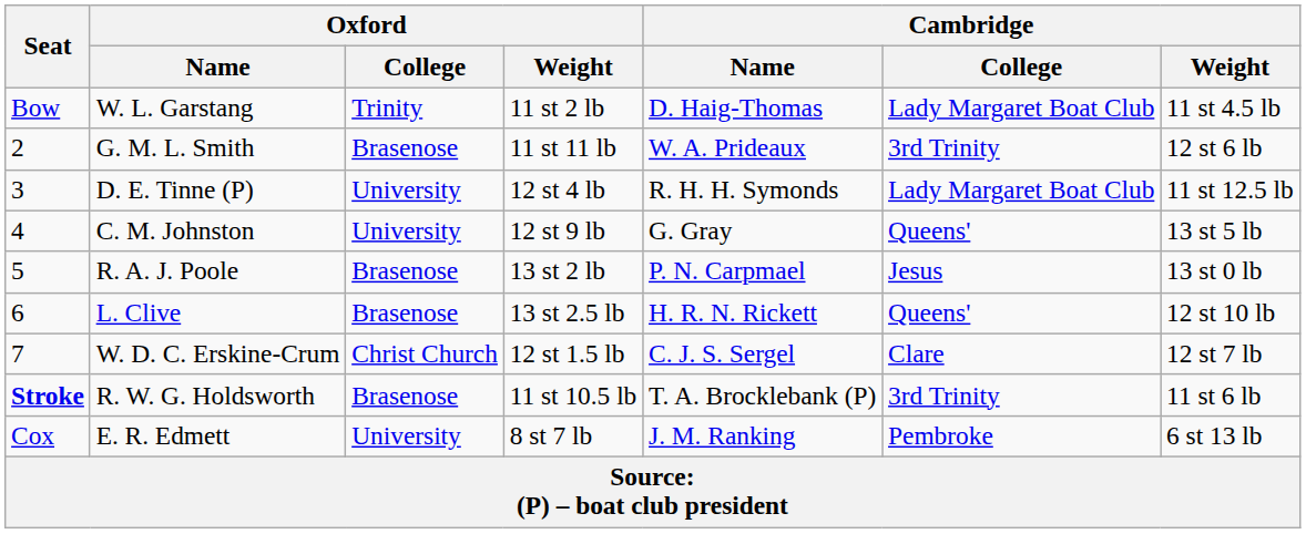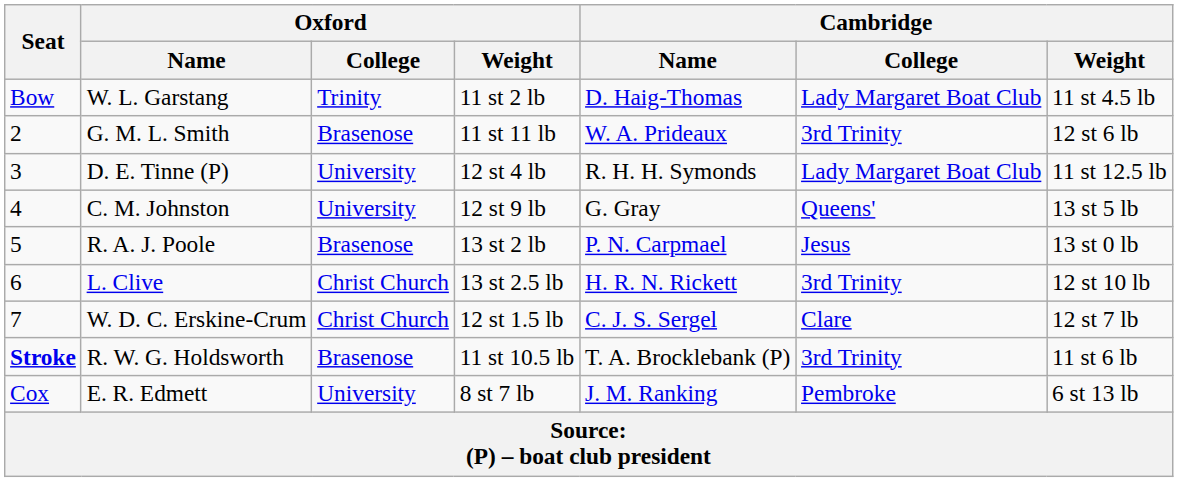 <table class="wikitable">
 <tr>
 <th rowspan="2" scope="col">Seat</th>
 <th colspan="3" scope="col">Oxford <br> </th>
 <th colspan="3" scope="col">Cambridge <br> </th>
 </tr>
 <tr>
 <th>Name</th>
 <th>College</th>
 <th>Weight</th>
 <th>Name</th>
 <th>College</th>
 <th>Weight</th>
 </tr>
 <tr>
 <td><a href='#'>Bow</a></td>
 <td>W. L. Garstang</td>
 <td><a href='#'>Trinity</a></td>
 <td>11 st 2 lb</td>
 <td><a href='#'>D. Haig-Thomas</a></td>
 <td><a href='#'>Lady Margaret Boat Club</a></td>
 <td>11 st 4.5 lb</td>
 </tr>
 <tr>
 <td>2</td>
 <td>G. M. L. Smith</td>
 <td><a href='#'>Brasenose</a></td>
 <td>11 st 11 lb</td>
 <td><a href='#'>W. A. Prideaux</a></td>
 <td><a href='#'>3rd Trinity</a></td>
 <td>12 st 6 lb</td>
 </tr>
 <tr>
 <td>3</td>
 <td>D. E. Tinne (P)</td>
 <td><a href='#'>University</a></td>
 <td>12 st 4 lb</td>
 <td>R. H. H. Symonds</td>
 <td><a href='#'>Lady Margaret Boat Club</a></td>
 <td>11 st 12.5 lb</td>
 </tr>
 <tr>
 <td>4</td>
 <td>C. M. Johnston</td>
 <td><a href='#'>University</a></td>
 <td>12 st 9 lb</td>
 <td>G. Gray</td>
 <td><a href='#'>Queens'</a></td>
 <td>13 st 5 lb</td>
 </tr>
 <tr>
 <td>5</td>
 <td>R. A. J. Poole</td>
 <td><a href='#'>Brasenose</a></td>
 <td>13 st 2 lb</td>
 <td><a href='#'>P. N. Carpmael</a></td>
 <td><a href='#'>Jesus</a></td>
 <td>13 st 0 lb</td>
 </tr>
 <tr>
 <td>6</td>
 <td><a href='#'>L. Clive</a></td>
-<td><a href='#'>Brasenose</a></td>
+<td><a href='#'>Christ Church</a></td>
 <td>13 st 2.5 lb</td>
 <td><a href='#'>H. R. N. Rickett</a></td>
-<td><a href='#'>Queens'</a></td>
+<td><a href='#'>3rd Trinity</a></td>
 <td>12 st 10 lb</td>
 </tr>
 <tr>
 <td>7</td>
 <td>W. D. C. Erskine-Crum</td>
 <td><a href='#'>Christ Church</a></td>
 <td>12 st 1.5 lb</td>
 <td><a href='#'>C. J. S. Sergel</a></td>
 <td><a href='#'>Clare</a></td>
 <td>12 st 7 lb</td>
 </tr>
 <tr>
 <td><strong><a href='#'>Stroke</a></strong></td>
 <td>R. W. G. Holdsworth</td>
 <td><a href='#'>Brasenose</a></td>
 <td>11 st 10.5 lb</td>
 <td>T. A. Brocklebank (P)</td>
 <td><a href='#'>3rd Trinity</a></td>
 <td>11 st 6 lb</td>
 </tr>
 <tr>
 <td><a href='#'>Cox</a></td>
 <td>E. R. Edmett</td>
 <td><a href='#'>University</a></td>
 <td>8 st 7 lb</td>
 <td><a href='#'>J. M. Ranking</a></td>
 <td><a href='#'>Pembroke</a></td>
 <td>6 st 13 lb</td>
 </tr>
 <tr>
 <th colspan="7">Source:<br>(P) – boat club president</th>
 </tr>
 </table>
